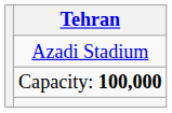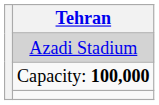 <table class="wikitable" style="text-align:center">
 <tr>
 <th rowspan=4></th>
 <th><a href='#'>Tehran</a></th>
 </tr>
 <tr>
-<td><a href='#'>Azadi Stadium</a></td>
+<td style="background: lightgrey;"><a href='#'>Azadi Stadium</a></td>
 </tr>
 <tr>
 <td>Capacity: <strong>100,000</strong></td>
 </tr>
 <tr>
 <td></td>
 </tr>
 </table>
